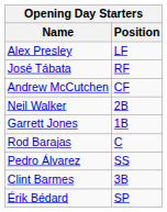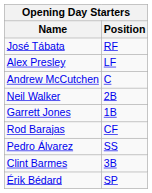 <table class="wikitable" style="text-align:left">
 <tr>
 <th colspan="2">Opening Day Starters</th>
 </tr>
 <tr>
 <th>Name</th>
 <th>Position</th>
 </tr>
 <tr>
+<td><a href='#'>José Tábata</a></td>
+<td><a href='#'>RF</a></td>
+</tr>
+<tr>
 <td><a href='#'>Alex Presley</a></td>
 <td><a href='#'>LF</a></td>
 </tr>
 <tr>
-<td><a href='#'>José Tábata</a></td>
-<td><a href='#'>RF</a></td>
-</tr>
-<tr>
 <td><a href='#'>Andrew McCutchen</a></td>
-<td><a href='#'>CF</a></td>
+<td><a href='#'>C</a></td>
 </tr>
 <tr>
 <td><a href='#'>Neil Walker</a></td>
 <td><a href='#'>2B</a></td>
 </tr>
 <tr>
 <td><a href='#'>Garrett Jones</a></td>
 <td><a href='#'>1B</a></td>
 </tr>
 <tr>
 <td><a href='#'>Rod Barajas</a></td>
-<td><a href='#'>C</a></td>
+<td><a href='#'>CF</a></td>
 </tr>
 <tr>
 <td><a href='#'>Pedro Álvarez</a></td>
 <td><a href='#'>SS</a></td>
 </tr>
 <tr>
 <td><a href='#'>Clint Barmes</a></td>
 <td><a href='#'>3B</a></td>
 </tr>
 <tr>
 <td><a href='#'>Érik Bédard</a></td>
 <td><a href='#'>SP</a></td>
 </tr>
 </table>
